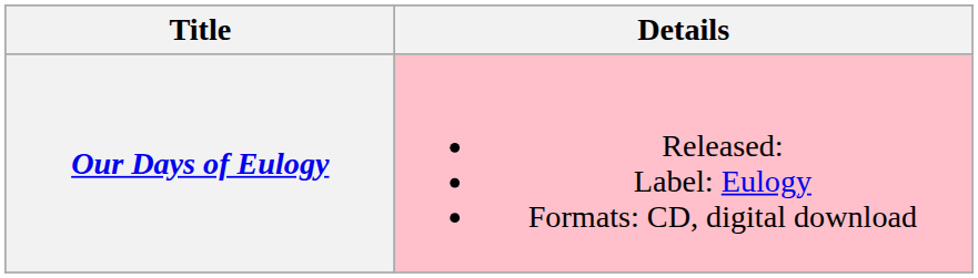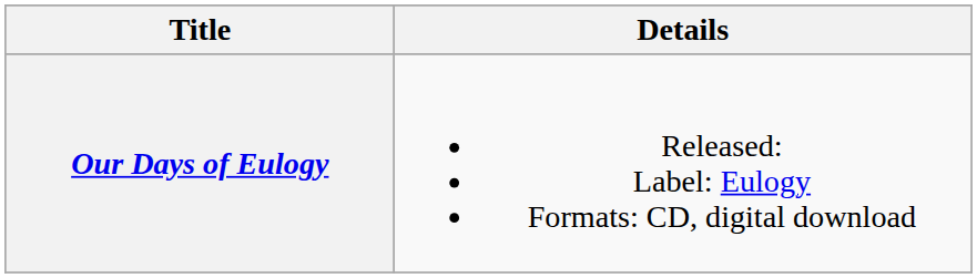 <table class="wikitable plainrowheaders" style="text-align:center;">
 <tr>
 <th scope="col" style="width:12em;">Title</th>
 <th scope="col" style="width:18em;">Details</th>
 </tr>
 <tr>
 <th scope="row"><em><a href='#'>Our Days of Eulogy</a></em></th>
-<td style="background: pink;"><br><ul><li>Released: </li><li>Label: <a href='#'>Eulogy</a></li><li>Formats: CD, digital download</li></ul></td>
+<td><br><ul><li>Released: </li><li>Label: <a href='#'>Eulogy</a></li><li>Formats: CD, digital download</li></ul></td>
 </tr>
 </table>
